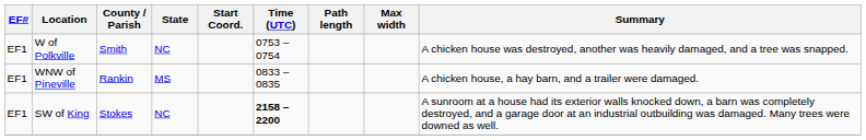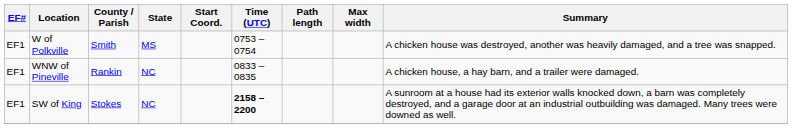 <table class="wikitable sortable" style="width:100%;">
 <tr>
 <th scope="col" width="3%" align="center"><a href='#'>EF#</a></th>
 <th scope="col" width="7%" align="center" class="unsortable">Location</th>
 <th scope="col" width="6%" align="center" class="unsortable">County / Parish</th>
 <th scope="col" width="5%" align="center">State</th>
 <th scope="col" width="6%" align="center">Start Coord.</th>
 <th scope="col" width="6%" align="center">Time (<a href='#'>UTC</a>)</th>
 <th scope="col" width="6%" align="center">Path length</th>
 <th scope="col" width="6%" align="center">Max width</th>
 <th scope="col" width="48%" class="unsortable" align="center">Summary</th>
 </tr>
 <tr>
 <td>EF1</td>
 <td>W of <a href='#'>Polkville</a></td>
 <td><a href='#'>Smith</a></td>
-<td><a href='#'>NC</a></td>
+<td><a href='#'>MS</a></td>
 <td></td>
 <td>0753 – 0754</td>
 <td></td>
 <td></td>
 <td>A chicken house was destroyed, another was heavily damaged, and a tree was snapped.</td>
 </tr>
 <tr>
 <td>EF1</td>
 <td>WNW of <a href='#'>Pineville</a></td>
 <td><a href='#'>Rankin</a></td>
-<td><a href='#'>MS</a></td>
+<td><a href='#'>NC</a></td>
 <td></td>
 <td>0833 – 0835</td>
 <td></td>
 <td></td>
 <td>A chicken house, a hay barn, and a trailer were damaged.</td>
 </tr>
 <tr>
 <td>EF1</td>
 <td>SW of <a href='#'>King</a></td>
 <td><a href='#'>Stokes</a></td>
 <td><a href='#'>NC</a></td>
 <td></td>
 <td><strong>2158 – 2200</strong></td>
 <td></td>
 <td></td>
 <td>A sunroom at a house had its exterior walls knocked down, a barn was completely destroyed, and a garage door at an industrial outbuilding was damaged. Many trees were downed as well.</td>
 </tr>
 <tr>
 </tr>
 </table>
